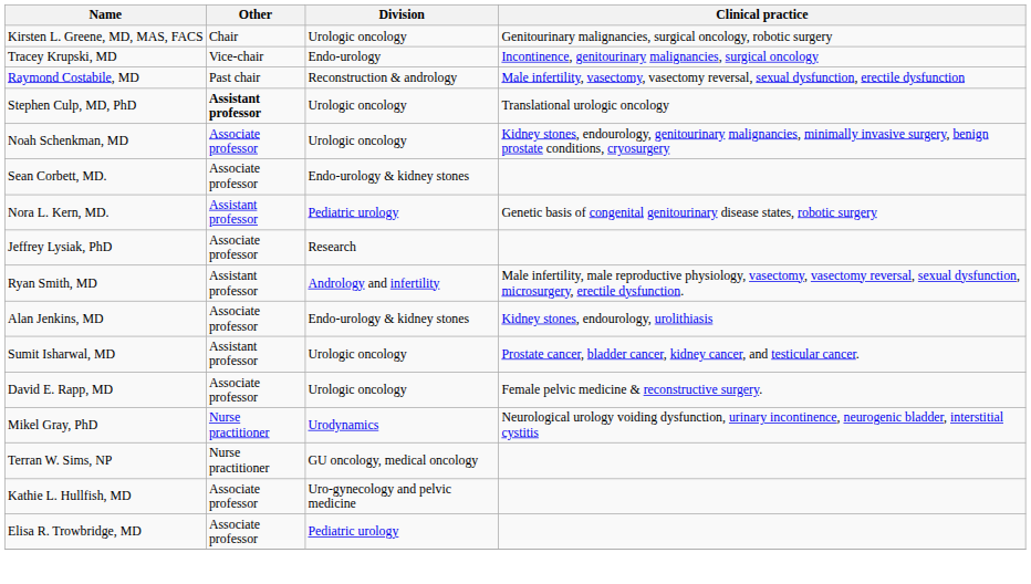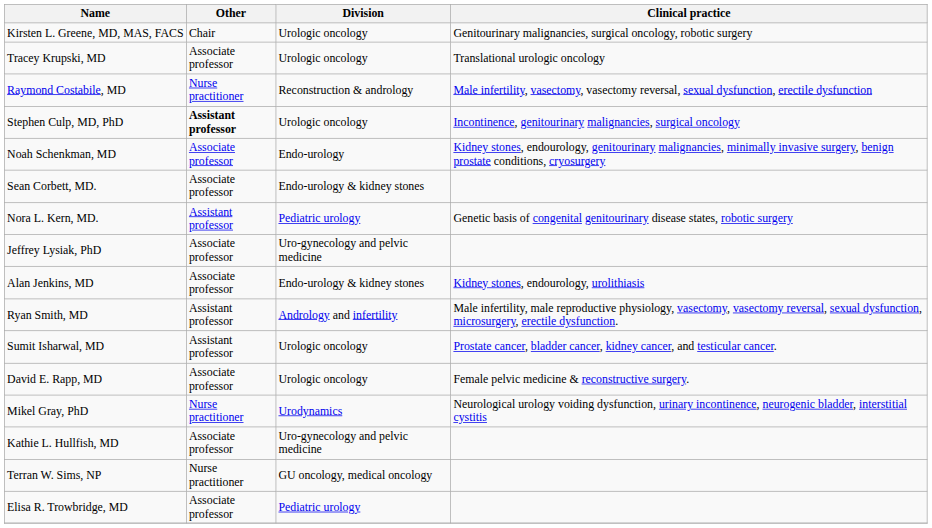 <table class="sortable wikitable">
 <tr>
 <th>Name</th>
 <th>Other</th>
 <th>Division</th>
 <th>Clinical practice</th>
 </tr>
 <tr>
 <td style="white-space: nowrap;">Kirsten L. Greene, MD, MAS, FACS</td>
 <td>Chair</td>
 <td style="white-space: nowrap;">Urologic oncology</td>
 <td>Genitourinary malignancies, surgical oncology, robotic surgery</td>
 </tr>
 <tr>
 <td style="white-space: nowrap;">Tracey Krupski, MD</td>
-<td>Vice-chair</td>
-<td>Endo-urology</td>
-<td><a href='#'>Incontinence</a>, <a href='#'>genitourinary</a> <a href='#'>malignancies</a>, <a href='#'>surgical oncology</a></td>
+<td>Associate professor</td>
+<td style="white-space: nowrap;”">Urologic oncology</td>
+<td>Translational urologic oncology</td>
 </tr>
 <tr>
 <td style="white-space: nowrap;"><a href='#'>Raymond Costabile</a>, MD</td>
-<td>Past chair</td>
+<td><a href='#'>Nurse practitioner</a></td>
 <td style="white-space: nowrap;">Reconstruction & andrology</td>
 <td><a href='#'>Male infertility</a>, <a href='#'>vasectomy</a>, vasectomy reversal, <a href='#'>sexual dysfunction</a>, <a href='#'>erectile dysfunction</a></td>
 </tr>
 <tr>
 <td style="white-space: nowrap;">Stephen Culp, MD, PhD</td>
 <td><strong>Assistant professor</strong></td>
 <td style="white-space: nowrap;">Urologic oncology</td>
-<td>Translational urologic oncology</td>
+<td><a href='#'>Incontinence</a>, <a href='#'>genitourinary</a> <a href='#'>malignancies</a>, <a href='#'>surgical oncology</a></td>
 </tr>
 <tr>
 <td style="white-space: nowrap;">Noah Schenkman, MD</td>
 <td><a href='#'>Associate professor</a></td>
-<td style="white-space: nowrap;”">Urologic oncology</td>
+<td>Endo-urology</td>
 <td><a href='#'>Kidney stones</a>, endourology, <a href='#'>genitourinary</a> <a href='#'>malignancies</a>, <a href='#'>minimally invasive surgery</a>, <a href='#'>benign prostate</a> conditions, <a href='#'>cryosurgery</a></td>
 </tr>
 <tr>
 <td style="white-space: nowrap;">Sean Corbett, MD.</td>
 <td>Associate professor</td>
 <td style="white-space: nowrap;”">Endo-urology & kidney stones</td>
 </tr>
 <tr>
 <td style="white-space: nowrap;">Nora L. Kern, MD.</td>
 <td><a href='#'>Assistant professor</a></td>
 <td style="white-space: nowrap;"><a href='#'>Pediatric urology</a></td>
 <td>Genetic basis of <a href='#'>congenital</a> <a href='#'>genitourinary</a> disease states, <a href='#'>robotic surgery</a></td>
 </tr>
 <tr>
 <td style="white-space: nowrap;">Jeffrey Lysiak, PhD</td>
 <td>Associate professor</td>
-<td>Research</td>
+<td>Uro-gynecology and pelvic medicine</td>
+</tr>
+<tr>
+<td style="white-space: nowrap;">Alan Jenkins, MD</td>
+<td>Associate professor</td>
+<td style="white-space: nowrap;”">Endo-urology & kidney stones</td>
+<td><a href='#'>Kidney stones</a>, endourology, <a href='#'>urolithiasis</a></td>
 </tr>
 <tr>
 <td style="white-space: nowrap;">Ryan Smith, MD</td>
 <td>Assistant professor</td>
 <td><a href='#'>Andrology</a> and <a href='#'>infertility</a></td>
 <td>Male infertility, male reproductive physiology, <a href='#'>vasectomy</a>, <a href='#'>vasectomy reversal</a>, <a href='#'>sexual dysfunction</a>, <a href='#'>microsurgery</a>, <a href='#'>erectile dysfunction</a>.</td>
-</tr>
-<tr>
-<td style="white-space: nowrap;">Alan Jenkins, MD</td>
-<td>Associate professor</td>
-<td style="white-space: nowrap;”">Endo-urology & kidney stones</td>
-<td><a href='#'>Kidney stones</a>, endourology, <a href='#'>urolithiasis</a></td>
 </tr>
 <tr>
 <td style="white-space: nowrap;”">Sumit Isharwal, MD</td>
 <td>Assistant professor</td>
 <td>Urologic oncology</td>
 <td><a href='#'>Prostate cancer</a>, <a href='#'>bladder cancer</a>, <a href='#'>kidney cancer</a>, and <a href='#'>testicular cancer</a>.</td>
 </tr>
 <tr>
 <td style="white-space: nowrap;">David E. Rapp, MD</td>
 <td>Associate professor</td>
 <td>Urologic oncology</td>
 <td>Female pelvic medicine & <a href='#'>reconstructive surgery</a>.</td>
 </tr>
 <tr>
 <td style="white-space: nowrap;">Mikel Gray, PhD</td>
 <td><a href='#'>Nurse practitioner</a></td>
 <td style="white-space: nowrap;”"><a href='#'>Urodynamics</a></td>
 <td>Neurological urology voiding dysfunction, <a href='#'>urinary incontinence</a>, <a href='#'>neurogenic bladder</a>, <a href='#'>interstitial cystitis</a></td>
 </tr>
 <tr>
+<td style="white-space: nowrap;">Kathie L. Hullfish, MD</td>
+<td>Associate professor</td>
+<td>Uro-gynecology and pelvic medicine</td>
+<td></td>
+</tr>
+<tr>
 <td style="white-space: nowrap;">Terran W. Sims, NP</td>
 <td>Nurse practitioner</td>
 <td style="white-space: nowrap;”">GU oncology, medical oncology</td>
-<td></td>
-</tr>
-<tr>
-<td style="white-space: nowrap;">Kathie L. Hullfish, MD</td>
-<td>Associate professor</td>
-<td>Uro-gynecology and pelvic medicine</td>
 <td></td>
 </tr>
 <tr>
 <td style="white-space: nowrap;">Elisa R. Trowbridge, MD</td>
 <td>Associate professor</td>
 <td style="white-space: nowrap;"><a href='#'>Pediatric urology</a></td>
 <td></td>
 </tr>
 <tr>
 </tr>
 </table>
